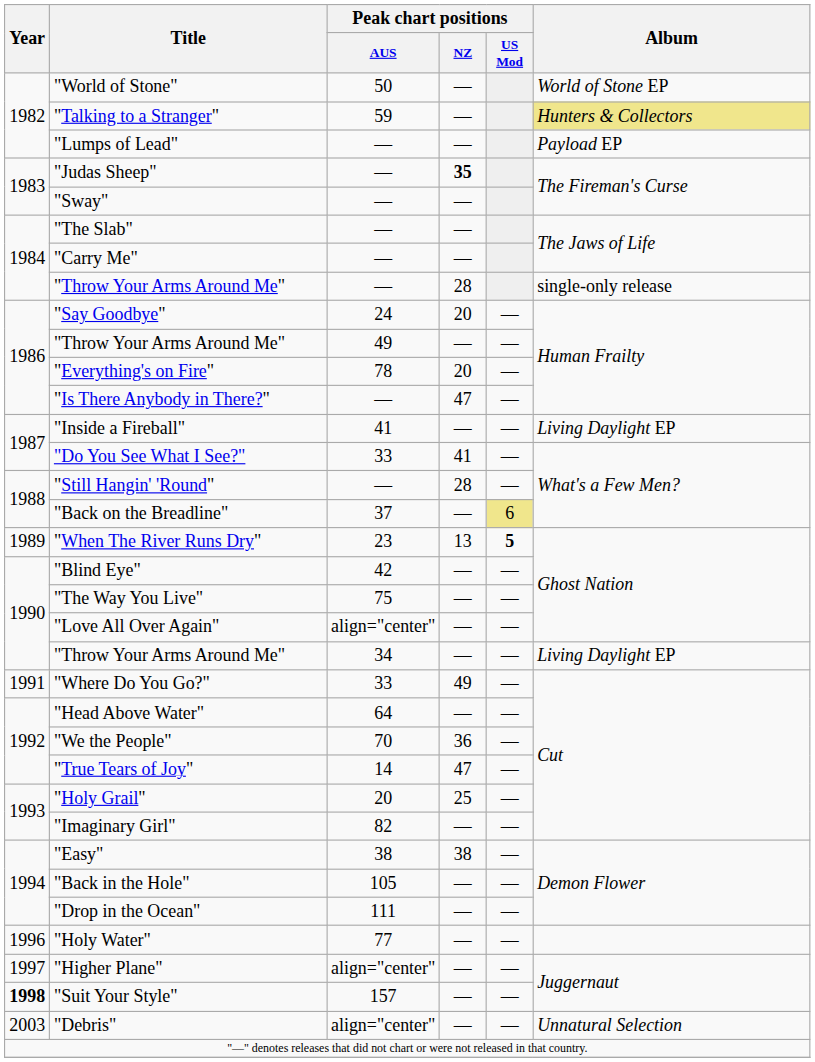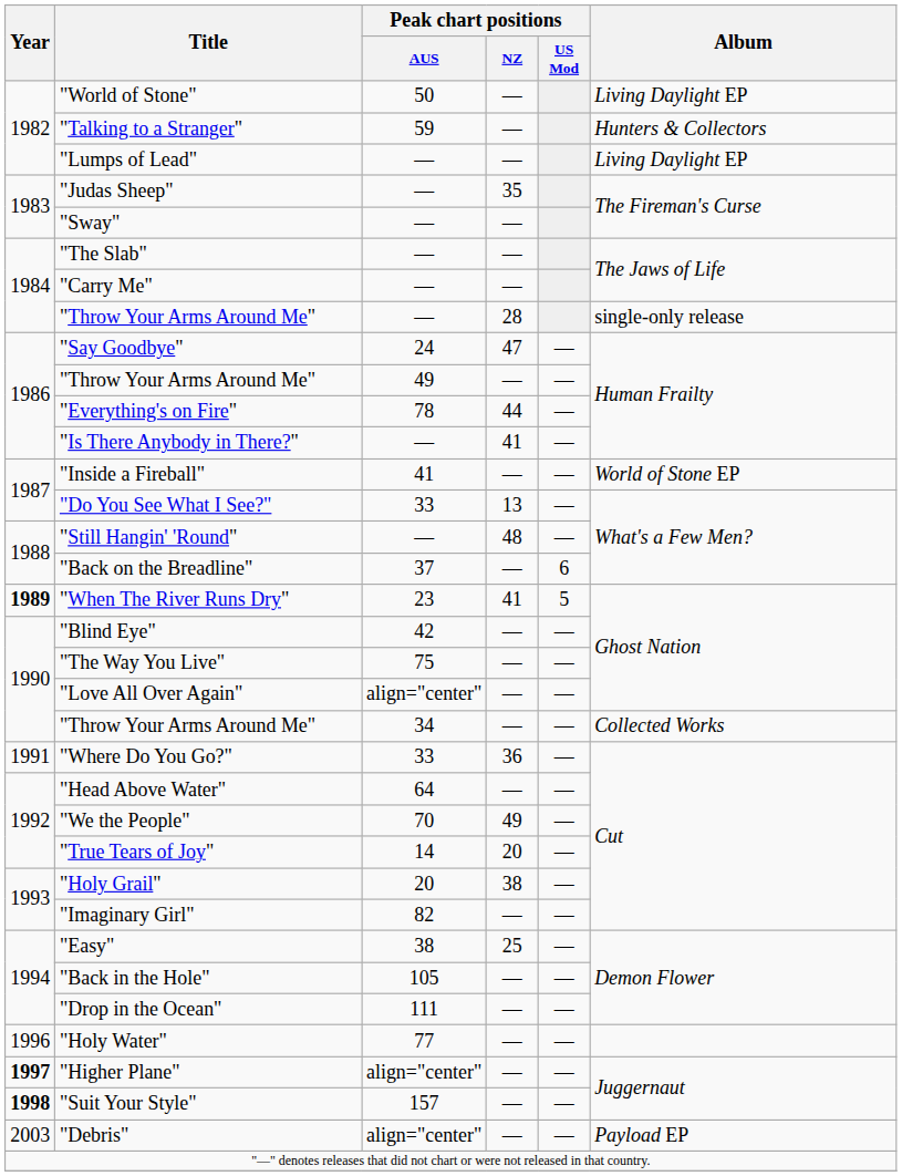 <table class="wikitable">
 <tr>
 <th rowspan="2" width="33">Year</th>
 <th width="240" rowspan="2">Title</th>
 <th colspan="3">Peak chart positions</th>
 <th width="240" rowspan="2">Album</th>
 </tr>
 <tr>
 <th style="width:3em;font-size:75%"><a href='#'>AUS</a><br></th>
 <th style="width:3em;font-size:75%"><a href='#'>NZ</a><br></th>
 <th style="width:3em;font-size:75%"><a href='#'>US Mod</a><br></th>
 </tr>
 <tr>
 <td align="center" rowspan="3">1982</td>
 <td>"World of Stone"</td>
 <td align="center">50</td>
 <td align="center">—</td>
 <td style="text-align:center; background-color:#efefef;"> </td>
-<td align="left" valign="center" rowspan="1"><em>World of Stone</em> EP</td>
+<td align="left" valign="center"><em>Living Daylight</em> EP</td>
 </tr>
 <tr>
 <td>"<a href='#'>Talking to a Stranger</a>"</td>
 <td align="center">59</td>
 <td align="center">—</td>
 <td style="text-align:center; background-color:#efefef;"> </td>
-<td align="left" valign="center" rowspan="1" style="background: khaki;"><em>Hunters & Collectors</em></td>
+<td align="left" valign="center" rowspan="1"><em>Hunters & Collectors</em></td>
 </tr>
 <tr>
 <td>"Lumps of Lead"</td>
 <td align="center">—</td>
 <td align="center">—</td>
 <td style="text-align:center; background-color:#efefef;"> </td>
-<td align="left" valign="center" rowspan="1"><em>Payload</em> EP</td>
+<td align="left" valign="center"><em>Living Daylight</em> EP</td>
 </tr>
 <tr>
 <td align="center" rowspan="2">1983</td>
 <td>"Judas Sheep"</td>
 <td align="center">—</td>
-<td align="center"><strong>35</strong></td>
+<td align="center">35</td>
 <td style="text-align:center; background-color:#efefef;"> </td>
 <td align="left" valign="center" rowspan="2"><em>The Fireman's Curse</em></td>
 </tr>
 <tr>
 <td>"Sway"</td>
 <td align="center">—</td>
 <td align="center">—</td>
 <td style="text-align:center; background-color:#efefef;"> </td>
 </tr>
 <tr>
 <td align="center" rowspan="3">1984</td>
 <td>"The Slab"</td>
 <td align="center">—</td>
 <td align="center">—</td>
 <td style="text-align:center; background-color:#efefef;"> </td>
 <td align="left" valign="center" rowspan="2"><em>The Jaws of Life</em></td>
 </tr>
 <tr>
 <td>"Carry Me"</td>
 <td align="center">—</td>
 <td align="center">—</td>
 <td style="text-align:center; background-color:#efefef;"> </td>
 </tr>
 <tr>
 <td>"<a href='#'>Throw Your Arms Around Me</a>"</td>
 <td align="center">—</td>
 <td align="center">28</td>
 <td style="text-align:center; background-color:#efefef;"> </td>
 <td align="left" valign="center" rowspan="1">single-only release</td>
 </tr>
 <tr>
 <td align="center" rowspan ="4">1986</td>
 <td>"<a href='#'>Say Goodbye</a>"</td>
 <td align="center">24</td>
-<td align="center">20</td>
+<td align="center">47</td>
 <td align="center">—</td>
 <td align="left" valign="center" rowspan="4"><em>Human Frailty</em></td>
 </tr>
 <tr>
 <td>"Throw Your Arms Around Me"</td>
 <td align="center">49</td>
 <td align="center">—</td>
 <td align="center">—</td>
 </tr>
 <tr>
 <td>"<a href='#'>Everything's on Fire</a>"</td>
 <td align="center">78</td>
-<td align="center">20</td>
+<td align="center">44</td>
 <td align="center">—</td>
 </tr>
 <tr>
 <td>"<a href='#'>Is There Anybody in There?</a>"</td>
 <td align="center">—</td>
-<td align="center">47</td>
+<td align="center">41</td>
 <td align="center">—</td>
 </tr>
 <tr>
 <td align="center" rowspan ="2">1987</td>
 <td>"Inside a Fireball"</td>
 <td align="center">41</td>
 <td align="center">—</td>
 <td align="center">—</td>
-<td align="left" valign="center"><em>Living Daylight</em> EP</td>
+<td align="left" valign="center" rowspan="1"><em>World of Stone</em> EP</td>
 </tr>
 <tr>
 <td><a href='#'>"Do You See What I See?"</a></td>
 <td align="center">33</td>
-<td align="center">41</td>
+<td align="center">13</td>
 <td align="center">—</td>
 <td align="left" valign="center" rowspan="3"><em>What's a Few Men?</em></td>
 </tr>
 <tr>
 <td align="center" rowspan ="2">1988</td>
 <td>"<a href='#'>Still Hangin' 'Round</a>"</td>
 <td align="center">—</td>
-<td align="center">28</td>
+<td align="center">48</td>
 <td align="center">—</td>
 </tr>
 <tr>
 <td>"Back on the Breadline"</td>
 <td align="center">37</td>
 <td align="center">—</td>
-<td align="center" style="background: khaki;">6</td>
+<td align="center">6</td>
 </tr>
 <tr>
-<td align="center">1989</td>
+<td align="center"><strong>1989</strong></td>
 <td>"<a href='#'>When The River Runs Dry</a>"</td>
 <td align="center">23</td>
-<td align="center">13</td>
-<td align="center"><strong>5</strong></td>
+<td align="center">41</td>
+<td align="center">5</td>
 <td align="left" valign="center" rowspan="4"><em>Ghost Nation</em></td>
 </tr>
 <tr>
 <td align="center" rowspan ="4">1990</td>
 <td>"Blind Eye"</td>
 <td align="center">42</td>
 <td align="center">—</td>
 <td align="center">—</td>
 </tr>
 <tr>
 <td>"The Way You Live"</td>
 <td align="center">75</td>
 <td align="center">—</td>
 <td align="center">—</td>
 </tr>
 <tr>
 <td>"Love All Over Again"</td>
 <td>align="center" </td>
 <td align="center">—</td>
 <td align="center">—</td>
 </tr>
 <tr>
 <td>"Throw Your Arms Around Me"</td>
 <td align="center">34</td>
 <td align="center">—</td>
 <td align="center">—</td>
-<td align="left" valign="center"><em>Living Daylight</em> EP</td>
+<td align="left" valign="center"><em>Collected Works</em></td>
 </tr>
 <tr>
 <td align="center">1991</td>
 <td>"Where Do You Go?"</td>
 <td align="center">33</td>
-<td align="center">49</td>
+<td align="center">36</td>
 <td align="center">—</td>
 <td align="left" valign="center" rowspan="6"><em>Cut</em></td>
 </tr>
 <tr>
 <td align="center" rowspan ="3">1992</td>
 <td>"Head Above Water"</td>
 <td align="center">64</td>
 <td align="center">—</td>
 <td align="center">—</td>
 </tr>
 <tr>
 <td>"We the People"</td>
 <td align="center">70</td>
-<td align="center">36</td>
+<td align="center">49</td>
 <td align="center">—</td>
 </tr>
 <tr>
 <td>"<a href='#'>True Tears of Joy</a>"</td>
 <td align="center">14</td>
-<td align="center">47</td>
+<td align="center">20</td>
 <td align="center">—</td>
 </tr>
 <tr>
 <td align="center" rowspan="2">1993</td>
 <td>"<a href='#'>Holy Grail</a>"</td>
 <td align="center">20</td>
-<td align="center">25</td>
+<td align="center">38</td>
 <td align="center">—</td>
 </tr>
 <tr>
 <td>"Imaginary Girl"</td>
 <td align="center">82</td>
 <td align="center">—</td>
 <td align="center">—</td>
 </tr>
 <tr>
 <td align="center" rowspan="3">1994</td>
 <td>"Easy"</td>
 <td align="center">38</td>
-<td align="center">38</td>
+<td align="center">25</td>
 <td align="center">—</td>
 <td align="left" valign="center" rowspan="3"><em>Demon Flower</em></td>
 </tr>
 <tr>
 <td>"Back in the Hole"</td>
 <td align="center">105</td>
 <td align="center">—</td>
 <td align="center">—</td>
 </tr>
 <tr>
 <td>"Drop in the Ocean"</td>
 <td align="center">111</td>
 <td align="center">—</td>
 <td align="center">—</td>
 </tr>
 <tr>
 <td align="center">1996</td>
 <td>"Holy Water"</td>
 <td align="center">77</td>
 <td align="center">—</td>
 <td align="center">—</td>
 <td></td>
 </tr>
 <tr>
-<td align="center">1997</td>
+<td align="center"><strong>1997</strong></td>
 <td>"Higher Plane"</td>
 <td>align="center" </td>
 <td align="center">—</td>
 <td align="center">—</td>
 <td align="left" valign="center" rowspan="2"><em>Juggernaut</em></td>
 </tr>
 <tr>
 <td align="center"><strong>1998</strong></td>
 <td>"Suit Your Style"</td>
 <td align="center">157</td>
 <td align="center">—</td>
 <td align="center">—</td>
 </tr>
 <tr>
 <td align="center">2003</td>
 <td>"Debris"</td>
 <td>align="center" </td>
 <td align="center">—</td>
 <td align="center">—</td>
-<td align="left"><em>Unnatural Selection</em></td>
+<td align="left" valign="center" rowspan="1"><em>Payload</em> EP</td>
 </tr>
 <tr>
 <td align="center" colspan="6" style="font-size: 8pt">"—" denotes releases that did not chart or were not released in that country.</td>
 </tr>
 <tr>
 </tr>
 </table>
